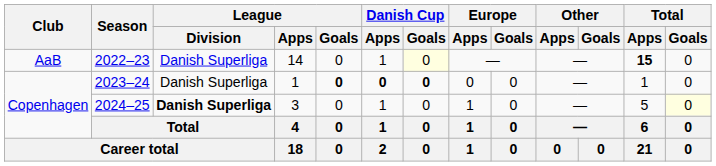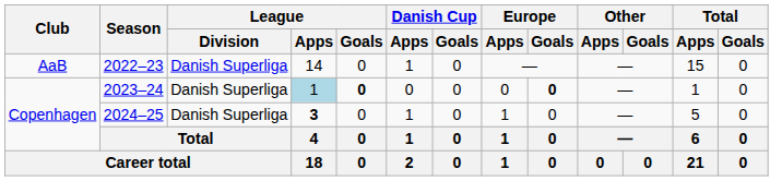 <table class="wikitable" style="text-align:center">
 <tr>
 <th rowspan="2">Club</th>
 <th rowspan="2">Season</th>
 <th colspan="3">League</th>
 <th colspan="2"><a href='#'>Danish Cup</a></th>
 <th colspan="2">Europe</th>
 <th colspan="2">Other</th>
 <th colspan="2">Total</th>
 </tr>
 <tr>
 <th>Division</th>
 <th>Apps</th>
 <th>Goals</th>
 <th>Apps</th>
 <th>Goals</th>
 <th>Apps</th>
 <th>Goals</th>
 <th>Apps</th>
 <th>Goals</th>
 <th>Apps</th>
 <th>Goals</th>
 </tr>
 <tr>
 <td><a href='#'>AaB</a></td>
 <td><a href='#'>2022–23</a></td>
 <td><a href='#'>Danish Superliga</a></td>
 <td>14</td>
 <td>0</td>
 <td>1</td>
-<td style="background: lightyellow;">0</td>
+<td>0</td>
 <td colspan="2">—</td>
 <td colspan="2">—</td>
-<td><strong>15</strong></td>
+<td>15</td>
 <td>0</td>
 </tr>
 <tr>
 <td rowspan="3"><a href='#'>Copenhagen</a></td>
 <td><a href='#'>2023–24</a></td>
 <td>Danish Superliga</td>
-<td>1</td>
-<td><strong>0</strong></td>
-<td><strong>0</strong></td>
+<td style="background: lightblue;">1</td>
 <td><strong>0</strong></td>
 <td>0</td>
 <td>0</td>
+<td>0</td>
+<td><strong>0</strong></td>
 <td colspan="2">—</td>
 <td>1</td>
 <td>0</td>
 </tr>
 <tr>
 <td><a href='#'>2024–25</a></td>
-<td><strong>Danish Superliga</strong></td>
-<td>3</td>
+<td>Danish Superliga</td>
+<td><strong>3</strong></td>
 <td>0</td>
 <td>1</td>
 <td>0</td>
 <td>1</td>
 <td>0</td>
 <td colspan="2">—</td>
 <td>5</td>
-<td style="background: lightyellow;">0</td>
+<td>0</td>
 </tr>
 <tr>
 <th colspan="2">Total</th>
 <th>4</th>
 <th>0</th>
 <th>1</th>
 <th>0</th>
 <th>1</th>
 <th>0</th>
 <th colspan="2">—</th>
 <th>6</th>
 <th>0</th>
 </tr>
 <tr>
 <th colspan="3">Career total</th>
 <th>18</th>
 <th>0</th>
 <th>2</th>
 <th>0</th>
 <th>1</th>
 <th>0</th>
 <th>0</th>
 <th>0</th>
 <th>21</th>
 <th>0</th>
 </tr>
 </table>
